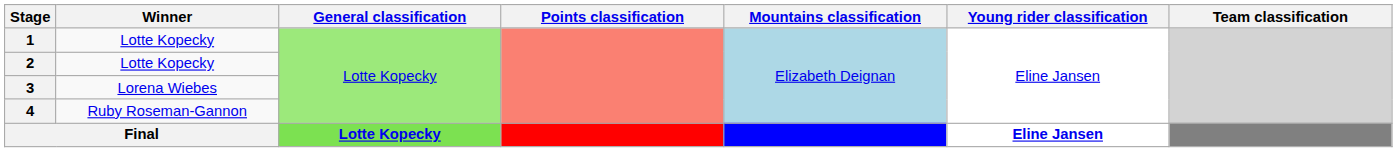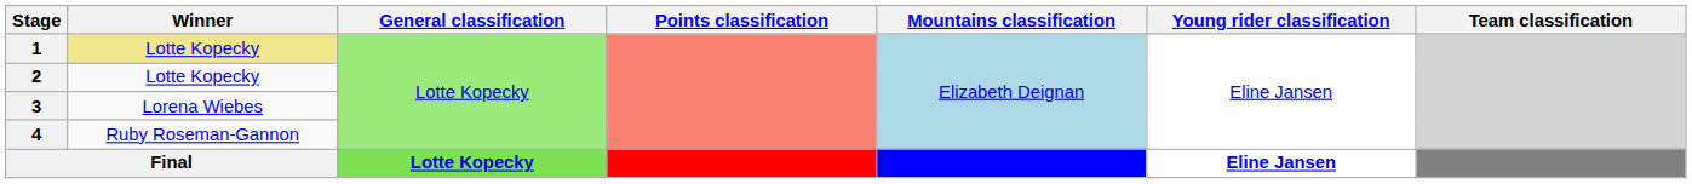 <table class="wikitable" style="text-align: center; font-size:smaller;">
 <tr style="background:#efefef;">
 <th scope="col" style="width:2%;">Stage</th>
 <th scope="col" style="width:14%;">Winner</th>
 <th scope="col" style="width:14%;"><a href='#'>General classification</a><br></th>
 <th scope="col" style="width:14%;"><a href='#'>Points classification</a><br></th>
 <th scope="col" style="width:14%;"><a href='#'>Mountains classification</a><br></th>
 <th scope="col" style="width:14%;"><a href='#'>Young rider classification</a><br></th>
 <th scope="col" style="width:14%;">Team classification</th>
 </tr>
 <tr>
 <th>1</th>
-<td><a href='#'>Lotte Kopecky</a></td>
+<td style="background: khaki;"><a href='#'>Lotte Kopecky</a></td>
 <td style="background:#9CE97B;" rowspan="4"><a href='#'>Lotte Kopecky</a></td>
 <td style="background:Salmon;" rowspan="4"></td>
 <td style="background:lightblue;" rowspan="4"><a href='#'>Elizabeth Deignan</a></td>
 <td style="background:white;" rowspan="4"><a href='#'>Eline Jansen</a></td>
 <td style="background:lightgrey;" rowspan="4"></td>
 </tr>
 <tr>
 <th>2</th>
 <td><a href='#'>Lotte Kopecky</a></td>
 </tr>
 <tr>
 <th>3</th>
 <td><a href='#'>Lorena Wiebes</a></td>
 </tr>
 <tr>
 <th>4</th>
 <td><a href='#'>Ruby Roseman-Gannon</a></td>
 </tr>
 <tr>
 <th colspan="2">Final</th>
 <th style="background:#7CE151;"><a href='#'>Lotte Kopecky</a></th>
 <th style="background:red;"></th>
 <th style="background:blue;"></th>
 <th style="background:white;"><a href='#'>Eline Jansen</a></th>
 <th style="background:grey;"></th>
 </tr>
 </table>
